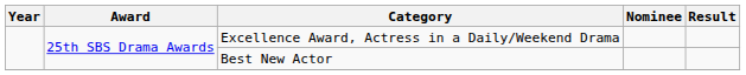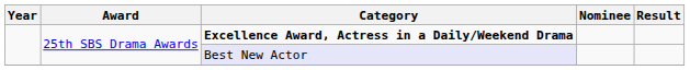 <table class="wikitable">
 <tr>
 <th>Year</th>
 <th>Award</th>
 <th>Category</th>
 <th>Nominee</th>
 <th>Result</th>
 </tr>
 <tr>
 <td rowspan="2"></td>
 <td rowspan="2"><a href='#'>25th SBS Drama Awards</a></td>
-<td>Excellence Award, Actress in a Daily/Weekend Drama</td>
+<td><strong>Excellence Award, Actress in a Daily/Weekend Drama</strong></td>
 <td></td>
 <td></td>
 </tr>
 <tr>
-<td>Best New Actor</td>
+<td style="background: lavender;">Best New Actor</td>
 <td></td>
 <td></td>
 </tr>
 <tr>
 </tr>
 </table>
